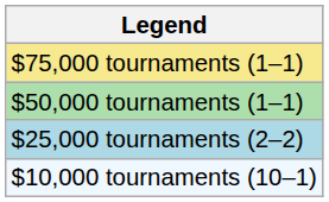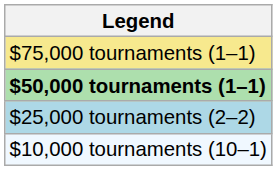 <table class="wikitable" style="font-size:85%;">
 <tr>
 <th>Legend</th>
 </tr>
 <tr bgcolor="#F7E98E">
 <td>$75,000 tournaments (1–1)</td>
 </tr>
 <tr bgcolor="#ADDFAD">
-<td>$50,000 tournaments (1–1)</td>
+<td><strong>$50,000 tournaments (1–1)</strong></td>
 </tr>
 <tr bgcolor="lightblue">
 <td>$25,000 tournaments (2–2)</td>
 </tr>
 <tr bgcolor="#f0f8ff">
 <td>$10,000 tournaments (10–1)</td>
 </tr>
 </table>
